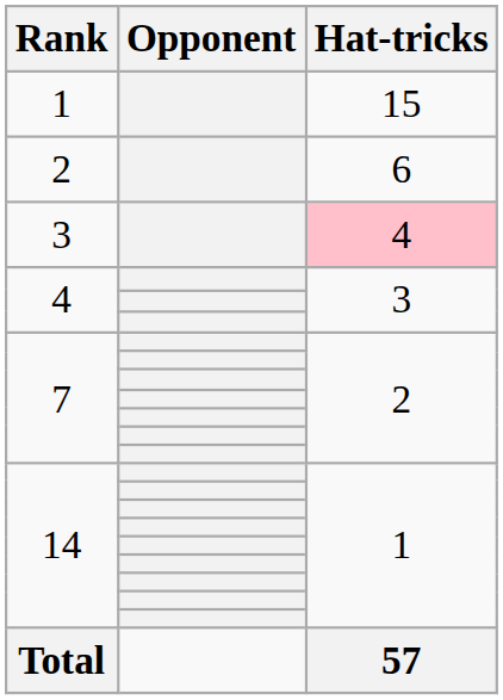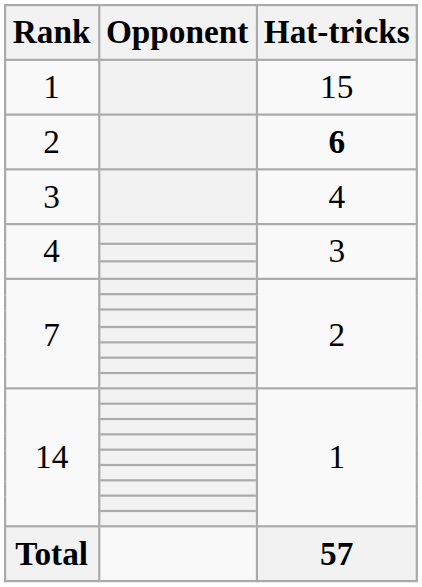 <table class="wikitable plainrowheaders sortable" style="text-align:center; font-size:95%">
 <tr>
 <th scope="col">Rank</th>
 <th scope="col">Opponent</th>
 <th scope="col">Hat-tricks</th>
 </tr>
 <tr>
 <td style="text-align:center">1</td>
 <th scope="row"></th>
 <td>15</td>
 </tr>
 <tr>
 <td style="text-align:center">2</td>
 <th scope="row"></th>
-<td>6</td>
+<td><strong>6</strong></td>
 </tr>
 <tr>
 <td style="text-align:center">3</td>
 <th scope="row"></th>
-<td style="background: pink;">4</td>
+<td>4</td>
 </tr>
 <tr>
 <td rowspan="3" style="text-align:center">4</td>
 <th scope="row"></th>
 <td rowspan="3">3</td>
 </tr>
 <tr>
 <th scope="row"></th>
 </tr>
 <tr>
 <th scope="row"></th>
 </tr>
 <tr>
 <td rowspan="7" style="text-align:center">7</td>
 <th scope="row"></th>
 <td rowspan="7">2</td>
 </tr>
 <tr>
 <th scope="row"></th>
 </tr>
 <tr>
 <th scope="row"></th>
 </tr>
 <tr>
 <th scope="row"></th>
 </tr>
 <tr>
 <th scope="row"></th>
 </tr>
 <tr>
 <th scope="row"></th>
 </tr>
 <tr>
 <th scope="row"></th>
 </tr>
 <tr>
 <td rowspan="9" style="text-align:center">14</td>
 <th scope="row"></th>
 <td rowspan="9">1</td>
 </tr>
 <tr>
 <th scope="row"></th>
 </tr>
 <tr>
 <th scope="row"></th>
 </tr>
 <tr>
 <th scope="row"></th>
 </tr>
 <tr>
 <th scope="row"></th>
 </tr>
 <tr>
 <th scope="row"></th>
 </tr>
 <tr>
 <th scope="row"></th>
 </tr>
 <tr>
 <th scope="row"></th>
 </tr>
 <tr>
 <th scope="row"></th>
 </tr>
 <tr>
 <th>Total</th>
 <td></td>
 <th>57</th>
 </tr>
 </table>
